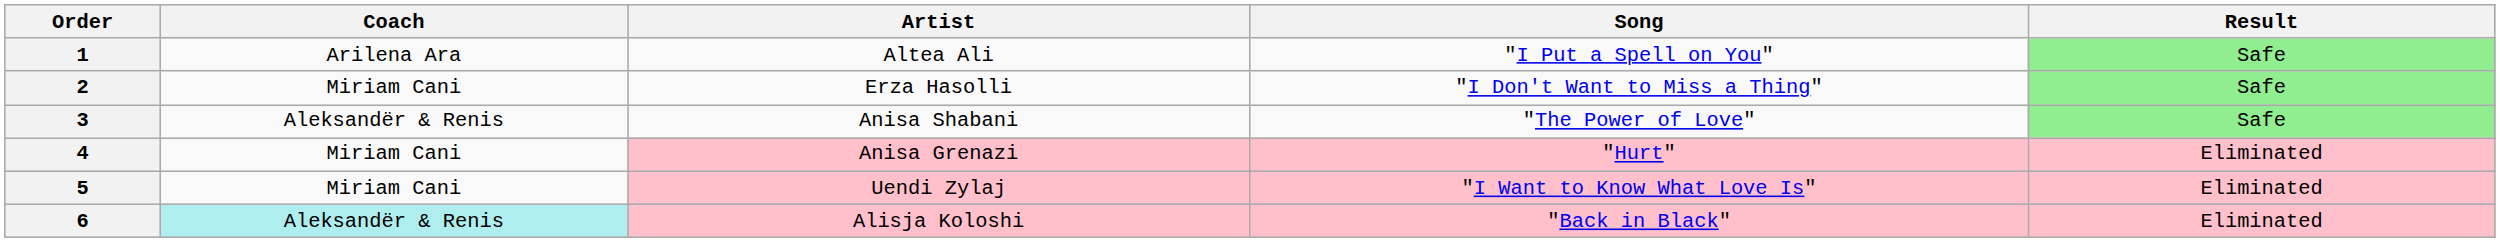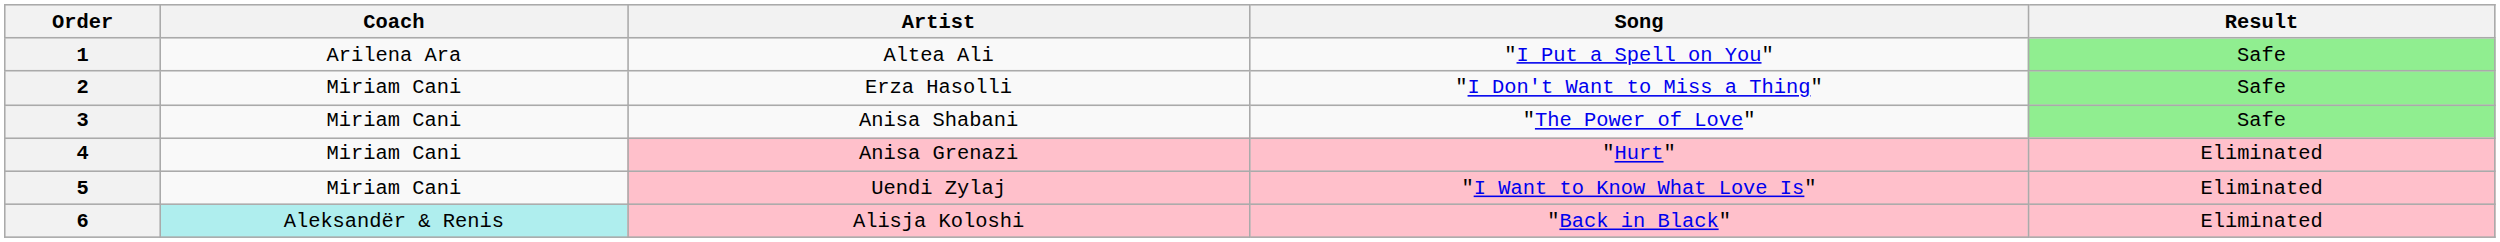 <table class="wikitable" style="text-align:center; width:80%;">
 <tr>
 <th width="05%">Order</th>
 <th width="15%">Coach</th>
 <th width="20%">Artist</th>
 <th width="25%">Song</th>
 <th width="15%">Result</th>
 </tr>
 <tr>
 <th>1</th>
 <td>Arilena Ara</td>
 <td>Altea Ali</td>
 <td>"<a href='#'>I Put a Spell on You</a>"</td>
 <td style="background:lightgreen;">Safe</td>
 </tr>
 <tr>
 <th>2</th>
 <td>Miriam Cani</td>
 <td>Erza Hasolli</td>
 <td>"<a href='#'>I Don't Want to Miss a Thing</a>"</td>
 <td style="background:lightgreen;">Safe</td>
 </tr>
 <tr>
 <th>3</th>
-<td>Aleksandër & Renis</td>
+<td>Miriam Cani</td>
 <td>Anisa Shabani</td>
 <td>"<a href='#'>The Power of Love</a>"</td>
 <td style="background:lightgreen;">Safe</td>
 </tr>
 <tr>
 <th>4</th>
 <td>Miriam Cani</td>
 <td style="background-color:pink;">Anisa Grenazi</td>
 <td style="background-color:pink;">"<a href='#'>Hurt</a>"</td>
 <td style="background-color:pink;">Eliminated</td>
 </tr>
 <tr>
 <th>5</th>
 <td>Miriam Cani</td>
 <td style="background-color:pink;">Uendi Zylaj</td>
 <td style="background-color:pink;">"<a href='#'>I Want to Know What Love Is</a>"</td>
 <td style="background-color:pink;">Eliminated</td>
 </tr>
 <tr>
 <th>6</th>
 <td style="background: paleturquoise;">Aleksandër & Renis</td>
 <td style="background-color:pink;">Alisja Koloshi</td>
 <td style="background-color:pink;">"<a href='#'>Back in Black</a>"</td>
 <td style="background-color:pink;">Eliminated</td>
 </tr>
 </table>
